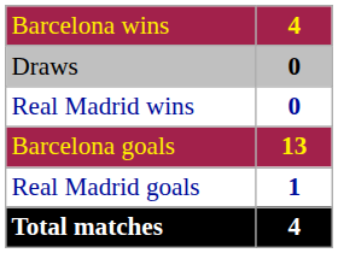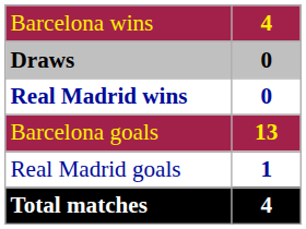 <table class="wikitable">
 <tr style="color:#fff000;">
 <td style="background:#A2214B">Barcelona wins</td>
 <td style="color:#fff000; background:#A2214B; text-align: center;"><strong>4</strong></td>
 </tr>
 <tr style="color:#000; background:silver;">
-<td>Draws</td>
+<td><strong>Draws</strong></td>
 <td style="color:#000; background:silver; text-align:center;"><strong>0</strong></td>
 </tr>
 <tr style="color:#000c99; background:#fff;">
-<td style="width:150px;">Real Madrid wins</td>
+<td style="width:150px;"><strong>Real Madrid wins</strong></td>
 <td style="color:#000c99; background:#fff; text-align:center; width:40px;"><strong>0</strong></td>
 </tr>
 <tr style="color:#fff000;">
 <td style="background:#A2214B">Barcelona goals</td>
 <td style="color:#fff000; background:#A2214B; text-align: center;"><strong>13</strong></td>
 </tr>
 <tr style="color:#000c99; background:#fff;">
 <td style="width:150px;">Real Madrid goals</td>
 <td style="color:#000c99; background:#fff; text-align:center;"><strong>1</strong></td>
 </tr>
 <tr style="color:#fff; background:#000;">
 <td><strong>Total matches</strong></td>
 <td style="color:#fff; background:#000; text-align:center;"><strong>4</strong></td>
 </tr>
 </table>
